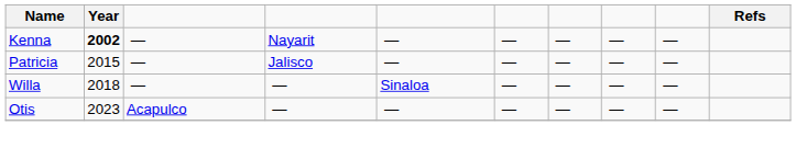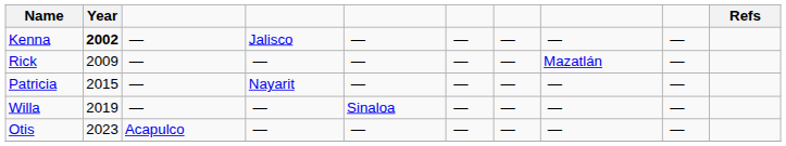 <table class="wikitable sortable" style="margin:1em auto;">
 <tr>
 <th width="10%">Name</th>
 <th width="5%">Year</th>
 <td></td>
 <td></td>
 <td></td>
 <td></td>
 <td></td>
 <td></td>
 <td></td>
 <th>Refs</th>
 </tr>
 <tr>
 <td><a href='#'>Kenna</a></td>
 <td><strong>2002</strong></td>
 <td> —</td>
+<td><a href='#'>Jalisco</a></td>
+<td> —</td>
+<td> —</td>
+<td> —</td>
+<td> —</td>
+<td> —</td>
+<td></td>
+</tr>
+<tr>
+<td><a href='#'>Rick</a></td>
+<td>2009</td>
+<td> —</td>
+<td> —</td>
+<td> —</td>
+<td> —</td>
+<td> —</td>
+<td><a href='#'>Mazatlán</a></td>
+<td> —</td>
+<td></td>
+</tr>
+<tr>
+<td><a href='#'>Patricia</a></td>
+<td>2015</td>
+<td> —</td>
 <td><a href='#'>Nayarit</a></td>
 <td> —</td>
 <td> —</td>
 <td> —</td>
 <td> —</td>
 <td> —</td>
 <td></td>
 </tr>
 <tr>
-<td><a href='#'>Patricia</a></td>
-<td>2015</td>
-<td> —</td>
-<td><a href='#'>Jalisco</a></td>
-<td> —</td>
-<td> —</td>
-<td> —</td>
-<td> —</td>
-<td> —</td>
-<td></td>
-</tr>
-<tr>
 <td><a href='#'>Willa</a></td>
-<td>2018</td>
+<td>2019</td>
 <td> —</td>
 <td> —</td>
 <td><a href='#'>Sinaloa</a></td>
 <td> —</td>
 <td> —</td>
 <td> —</td>
 <td> —</td>
 <td></td>
 </tr>
 <tr>
 <td><a href='#'>Otis</a></td>
 <td>2023</td>
 <td><a href='#'>Acapulco</a></td>
 <td> —</td>
 <td> —</td>
 <td> —</td>
 <td> —</td>
 <td> —</td>
 <td> —</td>
 <td></td>
 </tr>
 <tr>
 </tr>
 </table>
